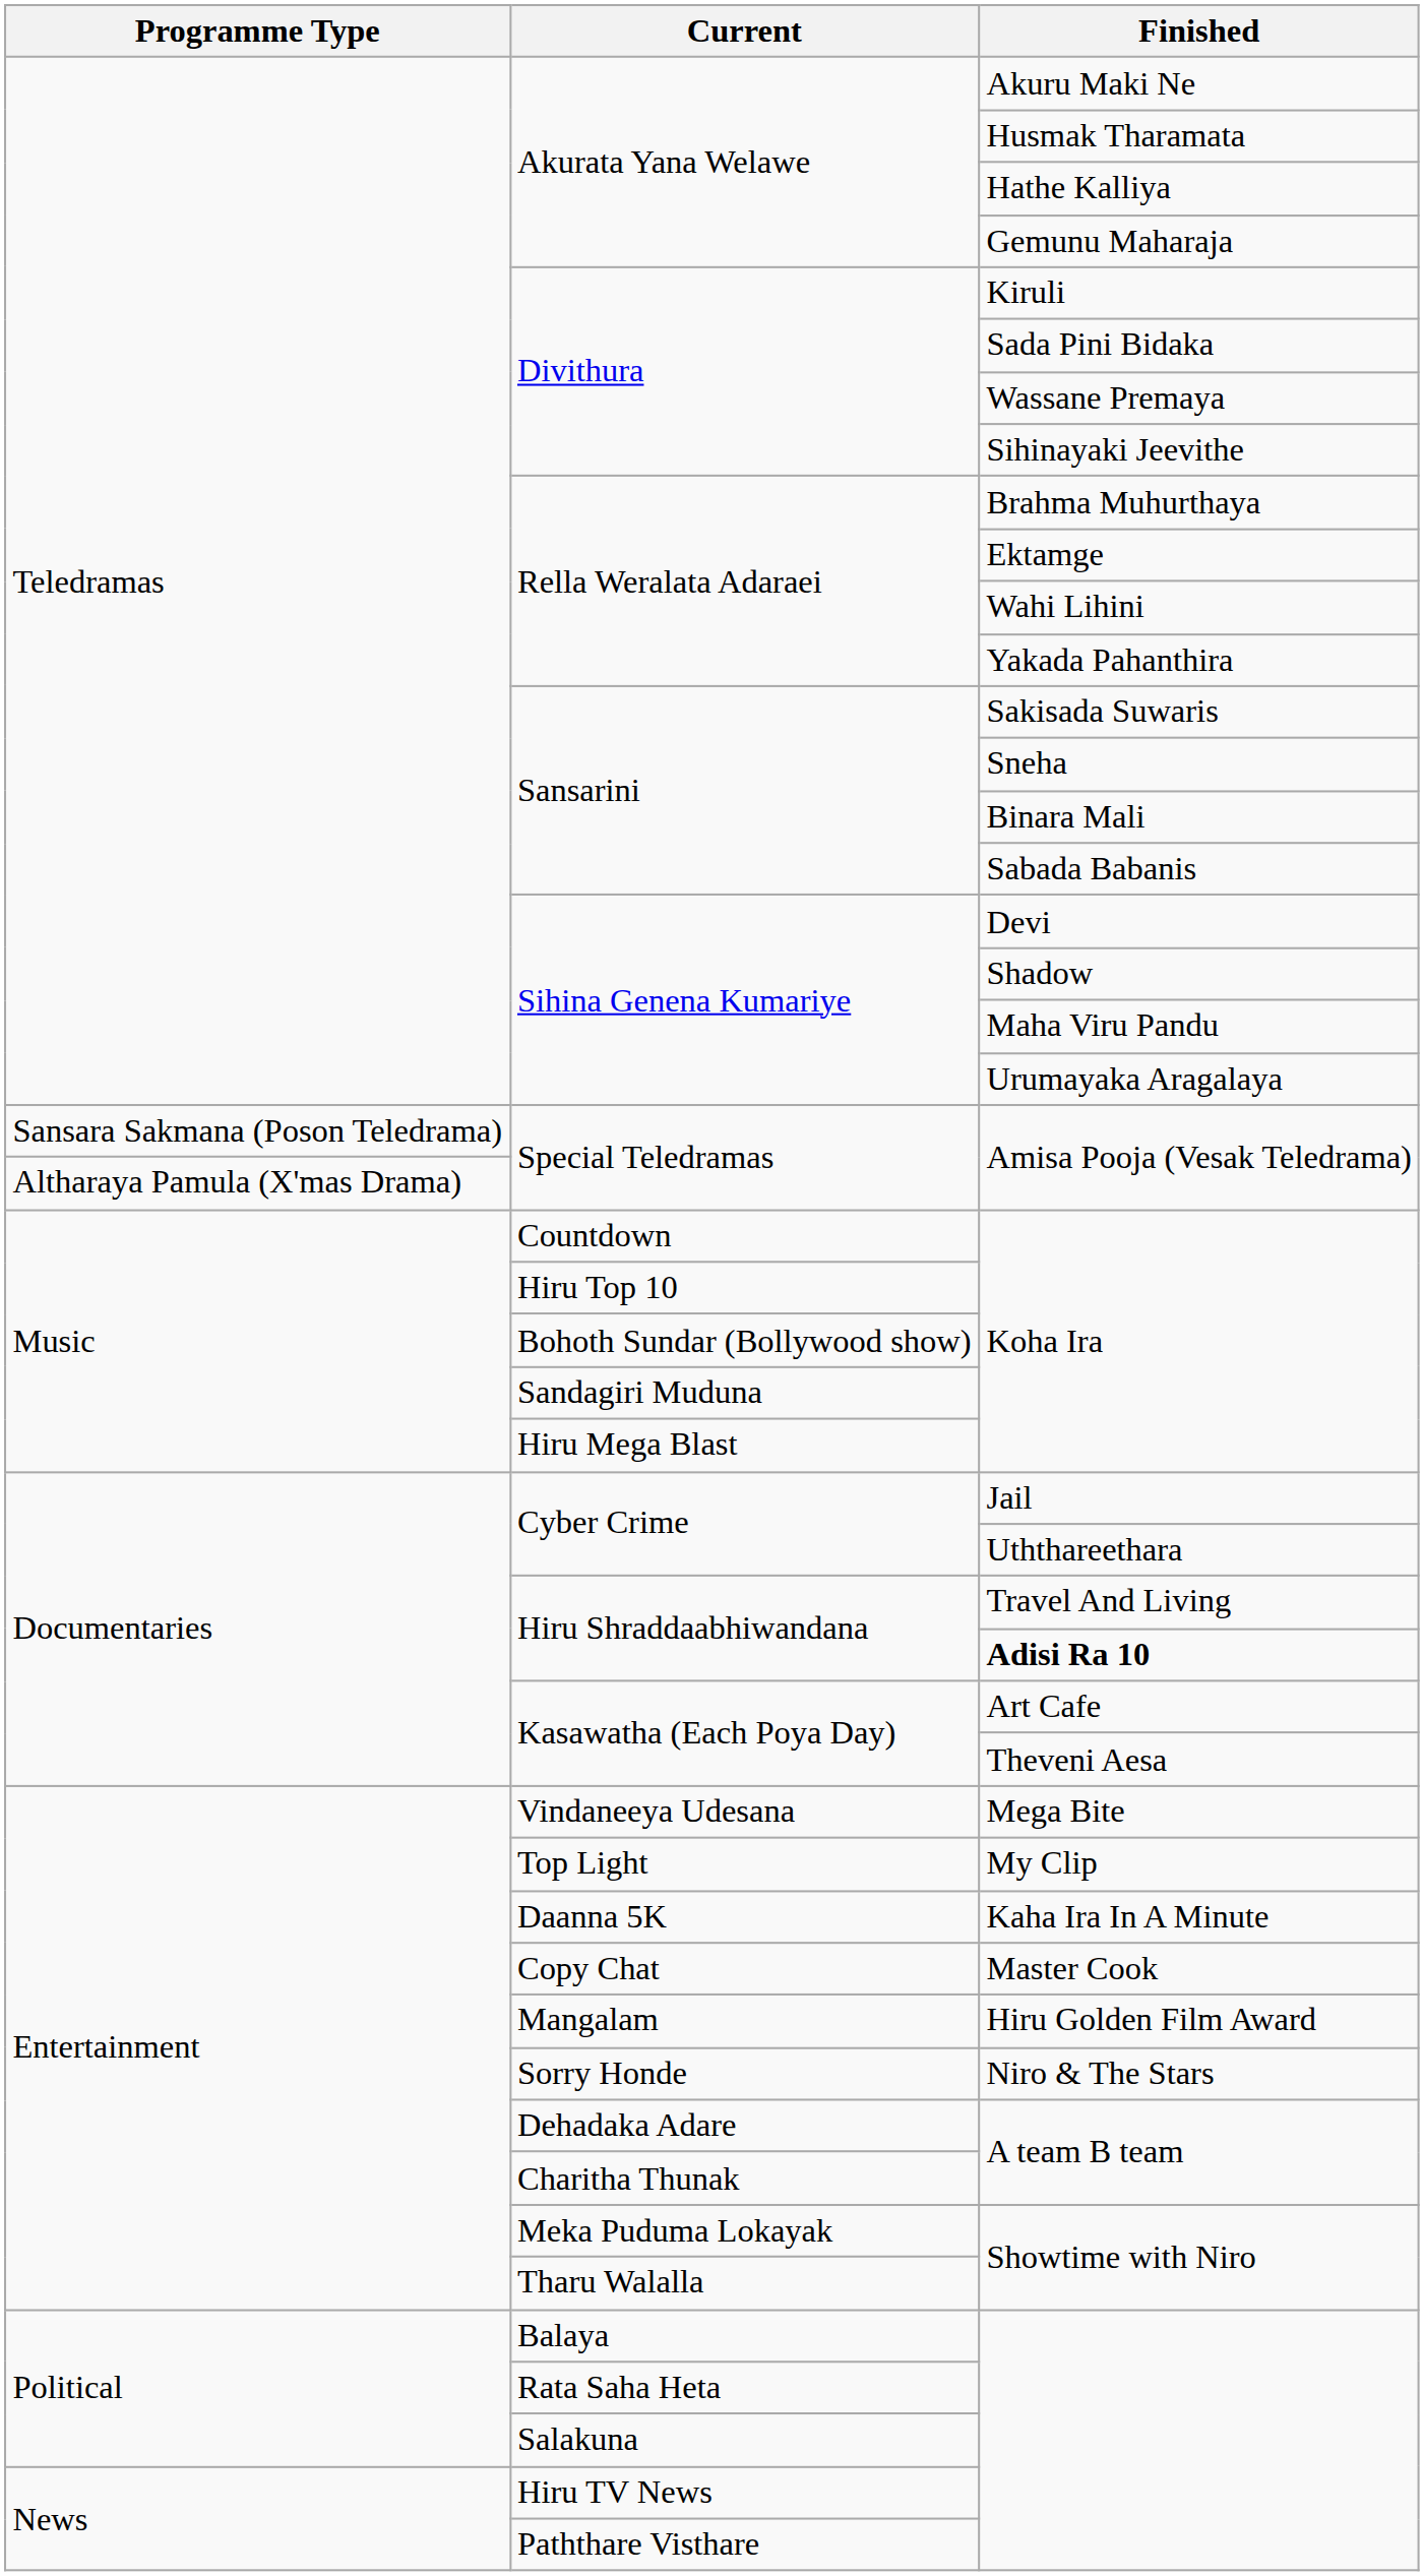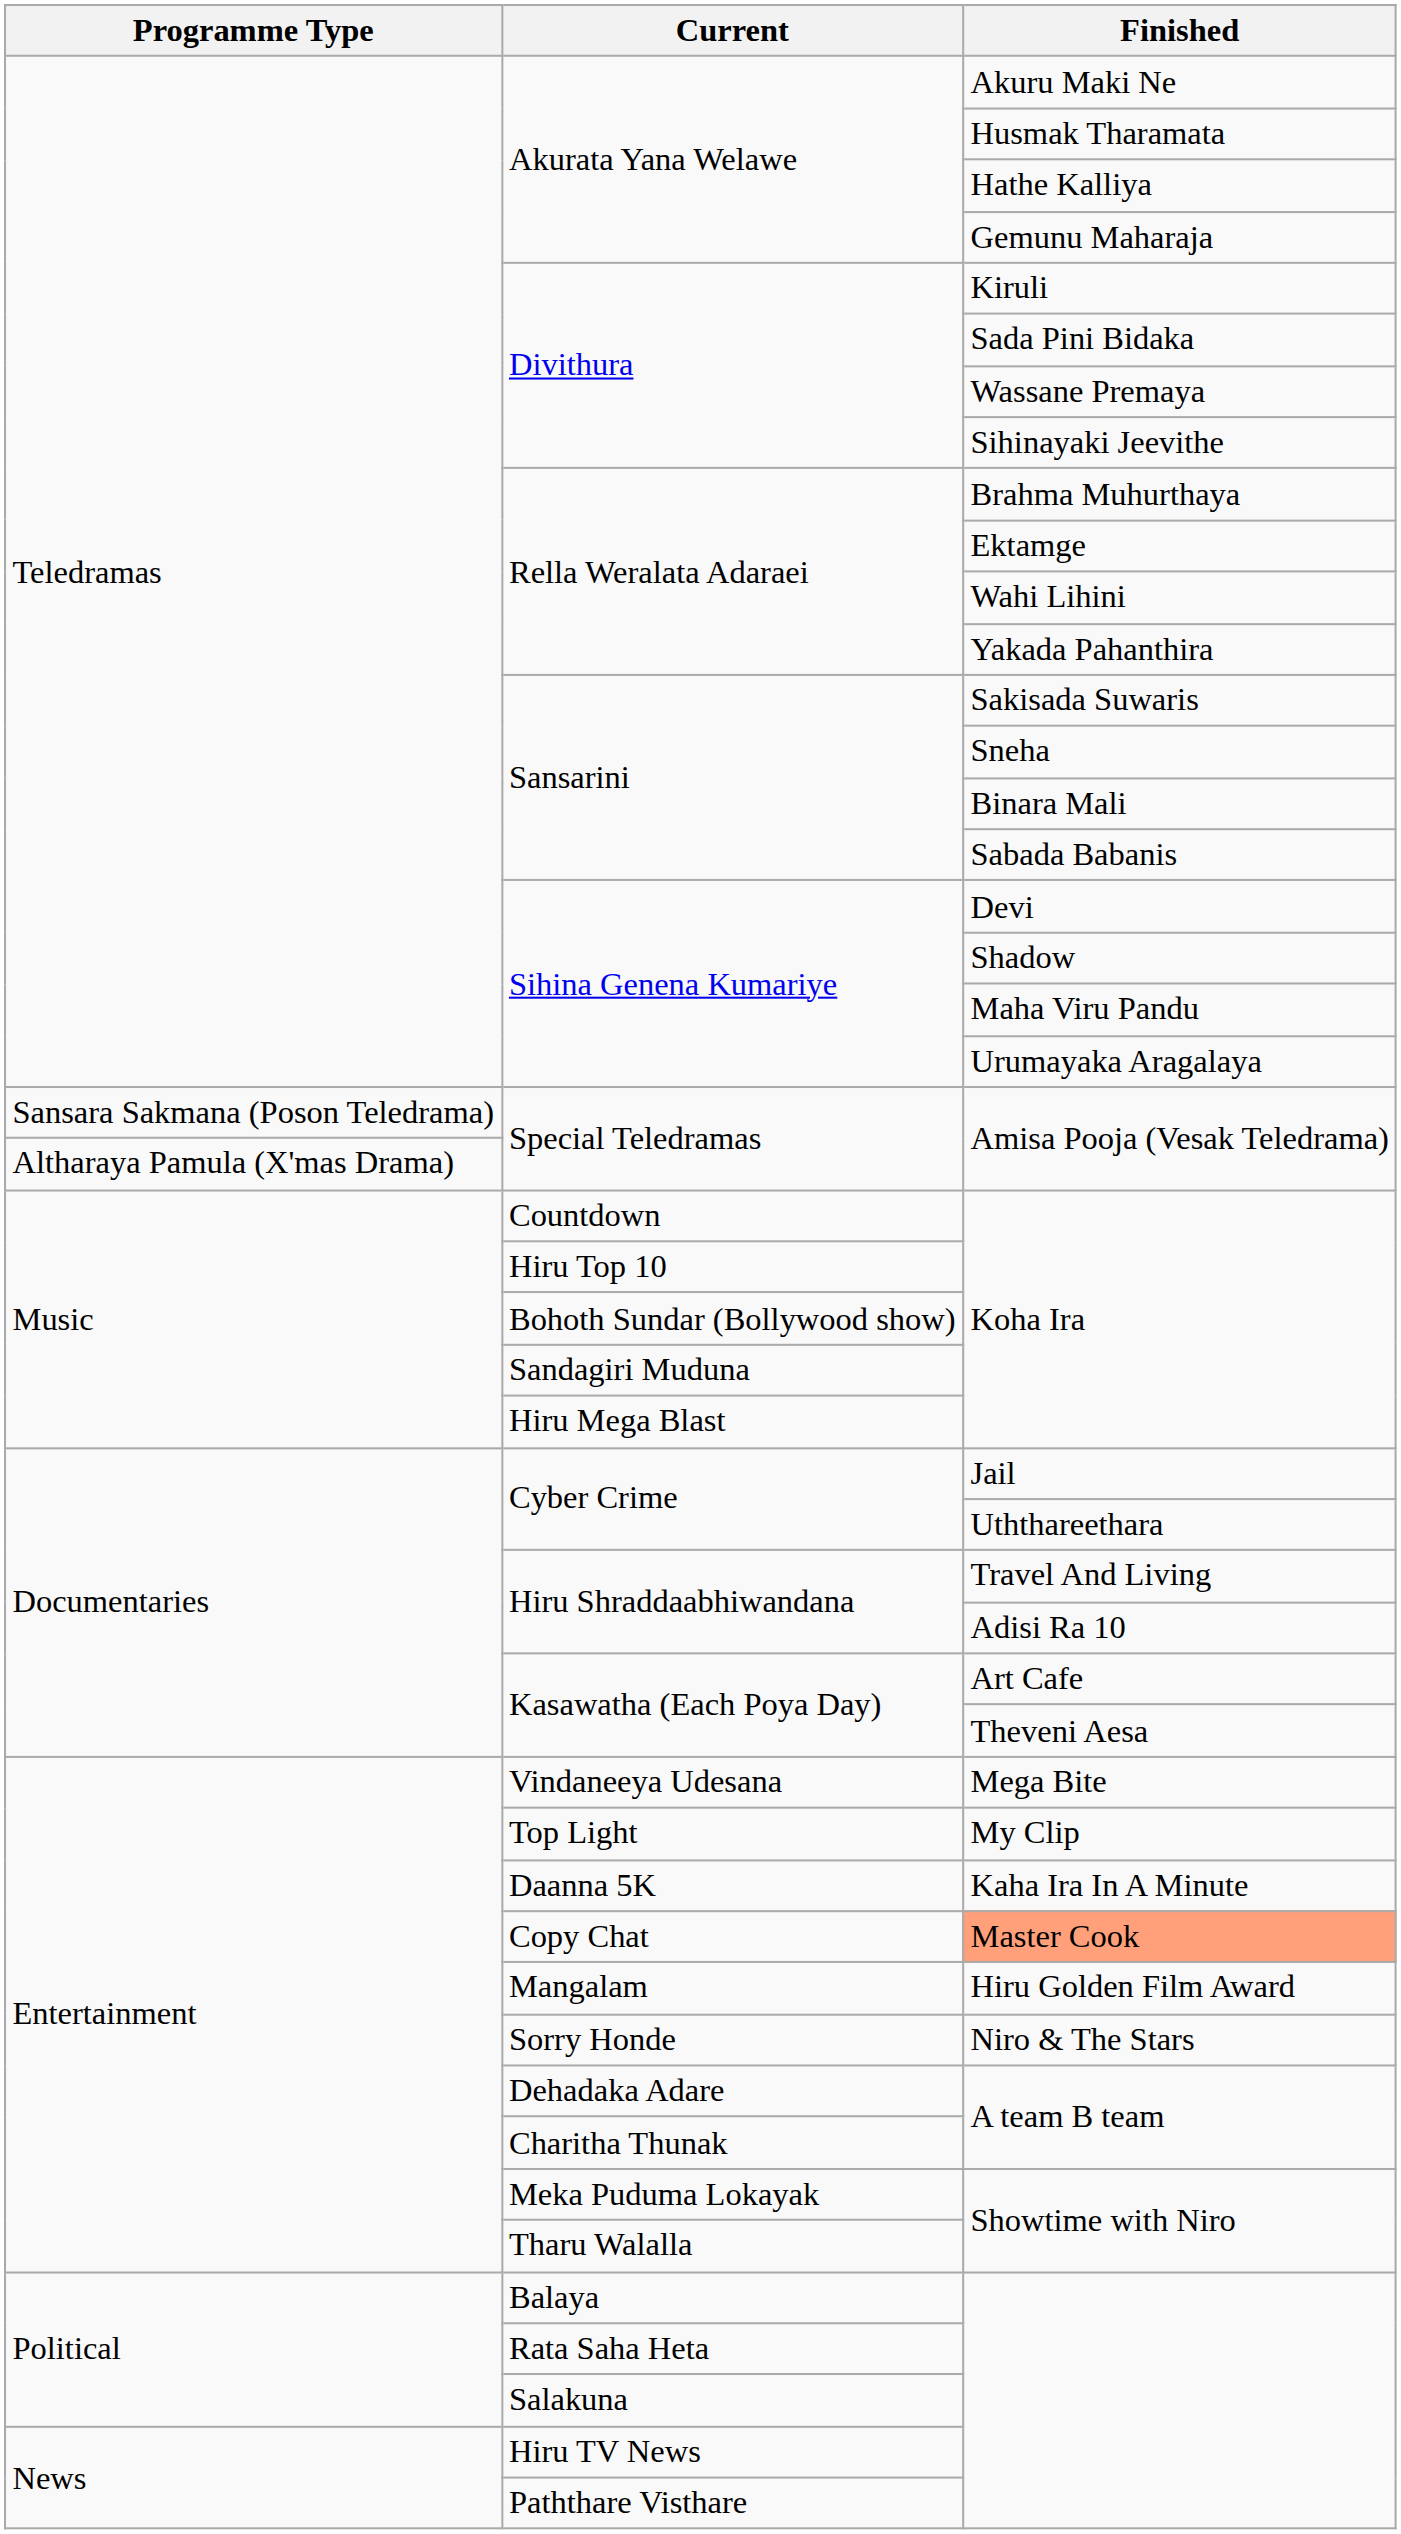 <table class="wikitable">
 <tr>
 <th>Programme Type</th>
 <th>Current</th>
 <th>Finished</th>
 </tr>
 <tr>
 <td rowspan="20">Teledramas</td>
 <td rowspan="4">Akurata Yana Welawe</td>
 <td>Akuru Maki Ne</td>
 </tr>
 <tr>
 <td>Husmak Tharamata</td>
 </tr>
 <tr>
 <td>Hathe Kalliya</td>
 </tr>
 <tr>
 <td>Gemunu Maharaja</td>
 </tr>
 <tr>
 <td rowspan="4"><a href='#'>Divithura</a></td>
 <td>Kiruli</td>
 </tr>
 <tr>
 <td>Sada Pini Bidaka</td>
 </tr>
 <tr>
 <td>Wassane Premaya</td>
 </tr>
 <tr>
 <td>Sihinayaki Jeevithe</td>
 </tr>
 <tr>
 <td rowspan="4">Rella Weralata Adaraei</td>
 <td>Brahma Muhurthaya</td>
 </tr>
 <tr>
 <td>Ektamge</td>
 </tr>
 <tr>
 <td>Wahi Lihini</td>
 </tr>
 <tr>
 <td>Yakada Pahanthira</td>
 </tr>
 <tr>
 <td rowspan="4">Sansarini</td>
 <td>Sakisada Suwaris</td>
 </tr>
 <tr>
 <td>Sneha</td>
 </tr>
 <tr>
 <td>Binara Mali</td>
 </tr>
 <tr>
 <td>Sabada Babanis</td>
 </tr>
 <tr>
 <td rowspan="4"><a href='#'>Sihina Genena Kumariye</a></td>
 <td>Devi</td>
 </tr>
 <tr>
 <td>Shadow</td>
 </tr>
 <tr>
 <td>Maha Viru Pandu</td>
 </tr>
 <tr>
 <td>Urumayaka Aragalaya</td>
 </tr>
 <tr>
 <td>Sansara Sakmana (Poson Teledrama)</td>
 <td rowspan="2">Special Teledramas</td>
 <td rowspan="2">Amisa Pooja (Vesak Teledrama)</td>
 </tr>
 <tr>
 <td>Altharaya Pamula (X'mas Drama)</td>
 </tr>
 <tr>
 <td rowspan="5">Music</td>
 <td>Countdown</td>
 <td rowspan="5">Koha Ira</td>
 </tr>
 <tr>
 <td>Hiru Top 10</td>
 </tr>
 <tr>
 <td>Bohoth Sundar (Bollywood show)</td>
 </tr>
 <tr>
 <td>Sandagiri Muduna</td>
 </tr>
 <tr>
 <td>Hiru Mega Blast</td>
 </tr>
 <tr>
 <td rowspan="6">Documentaries</td>
 <td rowspan="2">Cyber Crime</td>
 <td>Jail</td>
 </tr>
 <tr>
 <td>Uththareethara</td>
 </tr>
 <tr>
 <td rowspan="2">Hiru Shraddaabhiwandana</td>
 <td>Travel And Living</td>
 </tr>
 <tr>
-<td><strong>Adisi Ra 10</strong></td>
+<td>Adisi Ra 10</td>
 </tr>
 <tr>
 <td rowspan="2">Kasawatha (Each Poya Day)</td>
 <td>Art Cafe</td>
 </tr>
 <tr>
 <td>Theveni Aesa</td>
 </tr>
 <tr>
 <td rowspan="10">Entertainment</td>
 <td>Vindaneeya Udesana</td>
 <td>Mega Bite</td>
 </tr>
 <tr>
 <td>Top Light</td>
 <td>My Clip</td>
 </tr>
 <tr>
 <td>Daanna 5K</td>
 <td>Kaha Ira In A Minute</td>
 </tr>
 <tr>
 <td>Copy Chat</td>
-<td>Master Cook</td>
+<td style="background: lightsalmon;">Master Cook</td>
 </tr>
 <tr>
 <td>Mangalam</td>
 <td>Hiru Golden Film Award</td>
 </tr>
 <tr>
 <td>Sorry Honde</td>
 <td>Niro & The Stars</td>
 </tr>
 <tr>
 <td>Dehadaka Adare</td>
 <td rowspan="2">A team B team</td>
 </tr>
 <tr>
 <td>Charitha Thunak</td>
 </tr>
 <tr>
 <td>Meka Puduma Lokayak</td>
 <td rowspan="2">Showtime with Niro</td>
 </tr>
 <tr>
 <td>Tharu Walalla</td>
 </tr>
 <tr>
 <td rowspan="3">Political</td>
 <td>Balaya</td>
 <td rowspan="5"></td>
 </tr>
 <tr>
 <td>Rata Saha Heta</td>
 </tr>
 <tr>
 <td>Salakuna</td>
 </tr>
 <tr>
 <td rowspan="2">News</td>
 <td>Hiru TV News</td>
 </tr>
 <tr>
 <td>Paththare Visthare</td>
 </tr>
 </table>
